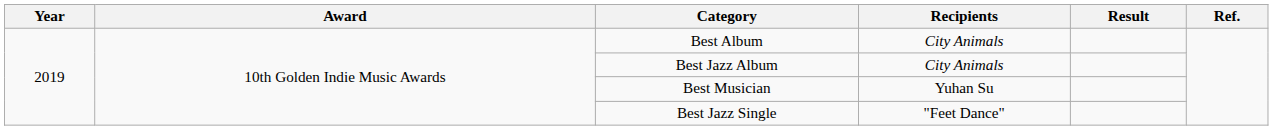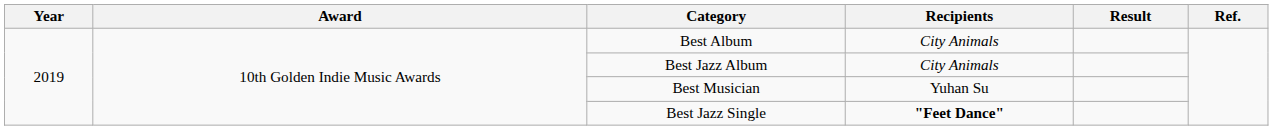 <table class="wikitable" width="84%" style=text-align:center>
 <tr>
 <th>Year</th>
 <th>Award</th>
 <th>Category</th>
 <th>Recipients</th>
 <th>Result</th>
 <th>Ref.</th>
 </tr>
 <tr>
 <td rowspan="4">2019</td>
 <td rowspan="4">10th Golden Indie Music Awards</td>
 <td>Best Album</td>
 <td><em>City Animals</em></td>
 <td></td>
 <td rowspan="4"></td>
 </tr>
 <tr>
 <td>Best Jazz Album</td>
 <td><em>City Animals</em></td>
 <td></td>
 </tr>
 <tr>
 <td>Best Musician</td>
 <td>Yuhan Su</td>
 <td></td>
 </tr>
 <tr>
 <td>Best Jazz Single</td>
-<td>"Feet Dance"</td>
+<td><strong>"Feet Dance"</strong></td>
 <td></td>
 </tr>
 </table>
